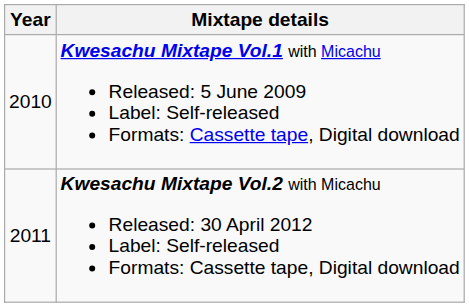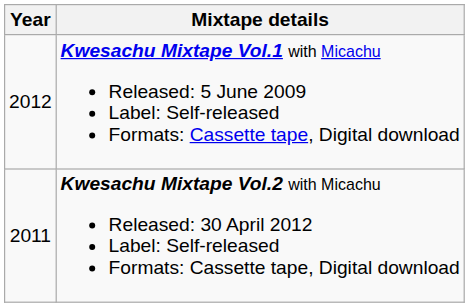 <table class="wikitable" style="text-align:center;">
 <tr>
 <th>Year</th>
 <th>Mixtape details</th>
 </tr>
 <tr>
-<td rowspan="1">2010</td>
+<td rowspan="1">2012</td>
 <td align="left"><strong><em><a href='#'>Kwesachu Mixtape Vol.1</a></em></strong> <small>with <a href='#'>Micachu</a></small><br><ul><li>Released: 5 June 2009</li><li>Label: Self-released</li><li>Formats: <a href='#'>Cassette tape</a>, Digital download</li></ul></td>
 </tr>
 <tr>
 <td rowspan="1">2011</td>
 <td align="left"><strong><em>Kwesachu Mixtape Vol.2</em></strong> <small>with Micachu</small><br><ul><li>Released: 30 April 2012</li><li>Label: Self-released</li><li>Formats: Cassette tape, Digital download</li></ul></td>
 </tr>
 </table>
